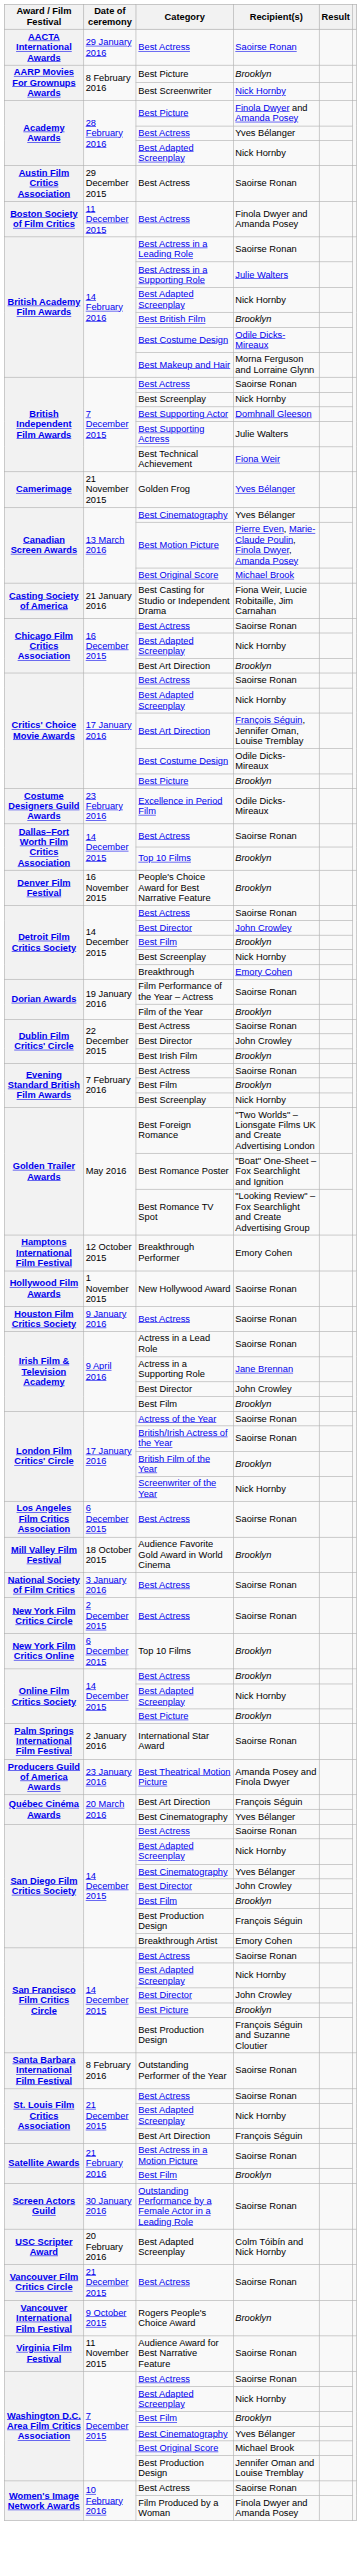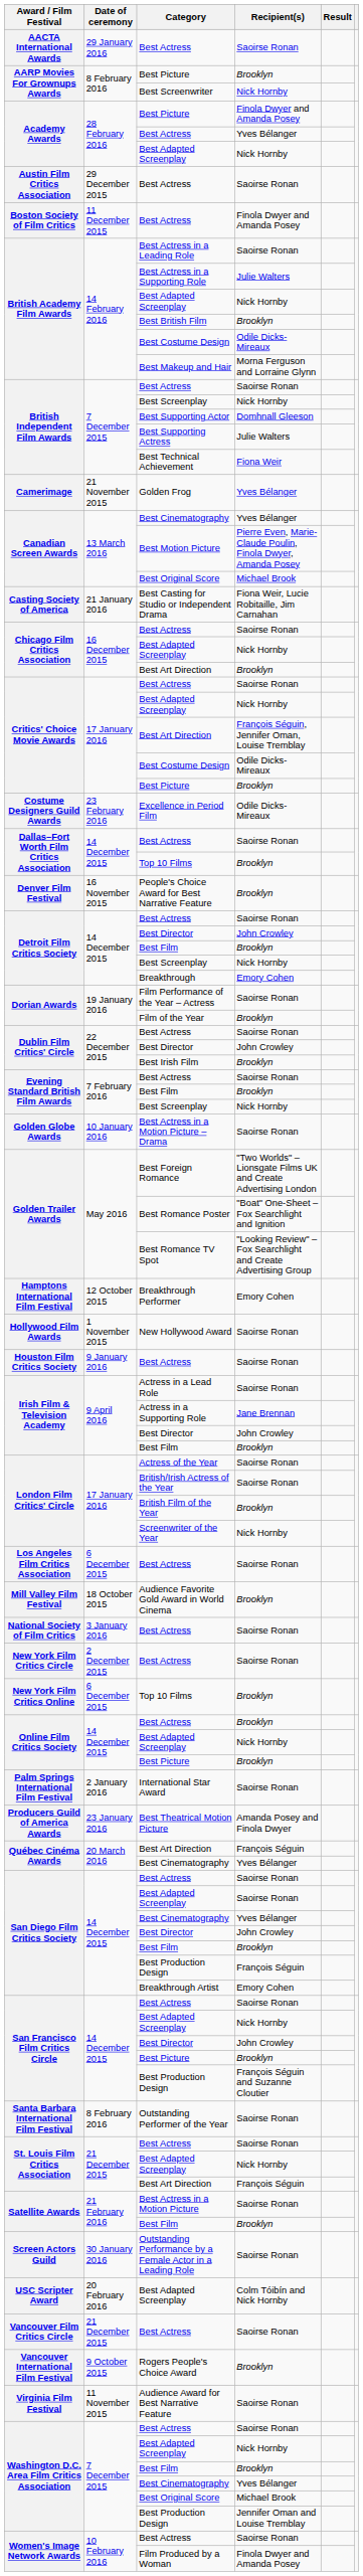 <table class="wikitable plainrowheaders sortable">
 <tr style="background:#ccc; text-align:center;">
 <th scope="col">Award / Film Festival</th>
 <th scope="col">Date of ceremony</th>
 <th scope="col">Category</th>
 <th scope="col">Recipient(s)</th>
 <th scope="col">Result</th>
 <th scope="col" class="unsortable"></th>
 </tr>
 <tr>
 <th scope="row"><a href='#'>AACTA International Awards</a></th>
 <td><a href='#'>29 January 2016</a></td>
 <td><a href='#'>Best Actress</a></td>
 <td><a href='#'>Saoirse Ronan</a></td>
 <td></td>
 <td style="text-align:center;2"></td>
 </tr>
 <tr>
 <th scope="row" rowspan="2"><a href='#'>AARP Movies For Grownups Awards</a></th>
 <td rowspan="2">8 February 2016</td>
 <td>Best Picture</td>
 <td><em>Brooklyn</em></td>
 <td></td>
 <td style="text-align:center;" rowspan="2"></td>
 </tr>
 <tr>
 <td>Best Screenwriter</td>
 <td><a href='#'>Nick Hornby</a></td>
 <td></td>
 </tr>
 <tr>
 <th scope="row" rowspan="3"><a href='#'>Academy Awards</a></th>
 <td rowspan="3"><a href='#'>28 February 2016</a></td>
 <td><a href='#'>Best Picture</a></td>
 <td><a href='#'>Finola Dwyer</a> and <a href='#'>Amanda Posey</a></td>
 <td></td>
 <td style="text-align:center;" rowspan="3"></td>
 </tr>
 <tr>
 <td><a href='#'>Best Actress</a></td>
 <td>Yves Bélanger</td>
 <td></td>
 </tr>
 <tr>
 <td><a href='#'>Best Adapted Screenplay</a></td>
 <td>Nick Hornby</td>
 <td></td>
 </tr>
 <tr>
 <th scope="row"><a href='#'>Austin Film Critics Association</a></th>
 <td>29 December 2015</td>
 <td>Best Actress</td>
 <td>Saoirse Ronan</td>
 <td></td>
 <td style="text-align:center;"></td>
 </tr>
 <tr>
 <th scope="row"><a href='#'>Boston Society of Film Critics</a></th>
 <td><a href='#'>11 December 2015</a></td>
 <td><a href='#'>Best Actress</a></td>
 <td>Finola Dwyer and Amanda Posey</td>
 <td></td>
 <td style="text-align:center;"></td>
 </tr>
 <tr>
 <th scope="row" rowspan="6"><a href='#'>British Academy Film Awards</a></th>
 <td rowspan="6"><a href='#'>14 February 2016</a></td>
 <td><a href='#'>Best Actress in a Leading Role</a></td>
 <td>Saoirse Ronan</td>
 <td></td>
 <td style="text-align:center;" rowspan="6"></td>
 </tr>
 <tr>
 <td><a href='#'>Best Actress in a Supporting Role</a></td>
 <td><a href='#'>Julie Walters</a></td>
 <td></td>
 </tr>
 <tr>
 <td><a href='#'>Best Adapted Screenplay</a></td>
 <td>Nick Hornby</td>
 <td></td>
 </tr>
 <tr>
 <td><a href='#'>Best British Film</a></td>
 <td><em>Brooklyn</em></td>
 <td></td>
 </tr>
 <tr>
 <td><a href='#'>Best Costume Design</a></td>
 <td><a href='#'>Odile Dicks-Mireaux</a></td>
 <td></td>
 </tr>
 <tr>
 <td><a href='#'>Best Makeup and Hair</a></td>
 <td>Morna Ferguson and Lorraine Glynn</td>
 <td></td>
 </tr>
 <tr>
 <th scope="row" rowspan="5"><a href='#'>British Independent Film Awards</a></th>
 <td rowspan="5"><a href='#'>7 December 2015</a></td>
 <td><a href='#'>Best Actress</a></td>
 <td>Saoirse Ronan</td>
 <td></td>
 <td style="text-align:center;" rowspan="5"><br></td>
 </tr>
 <tr>
 <td>Best Screenplay</td>
 <td>Nick Hornby</td>
 <td></td>
 </tr>
 <tr>
 <td><a href='#'>Best Supporting Actor</a></td>
 <td><a href='#'>Domhnall Gleeson</a></td>
 <td></td>
 </tr>
 <tr>
 <td><a href='#'>Best Supporting Actress</a></td>
 <td>Julie Walters</td>
 <td></td>
 </tr>
 <tr>
 <td>Best Technical Achievement</td>
 <td><a href='#'>Fiona Weir</a></td>
 <td></td>
 </tr>
 <tr>
 <th scope="row"><a href='#'>Camerimage</a></th>
 <td>21 November 2015</td>
 <td>Golden Frog</td>
 <td><a href='#'>Yves Bélanger</a></td>
 <td></td>
 <td style="text-align:center;"></td>
 </tr>
 <tr>
 <th scope="row" rowspan="3"><a href='#'>Canadian Screen Awards</a></th>
 <td rowspan="3"><a href='#'>13 March 2016</a></td>
 <td><a href='#'>Best Cinematography</a></td>
 <td>Yves Bélanger</td>
 <td></td>
 <td style="text-align:center;" rowspan="3"></td>
 </tr>
 <tr>
 <td><a href='#'>Best Motion Picture</a></td>
 <td><a href='#'>Pierre Even</a>, <a href='#'>Marie-Claude Poulin</a>, <a href='#'>Finola Dwyer</a>, <a href='#'>Amanda Posey</a></td>
 <td></td>
 </tr>
 <tr>
 <td><a href='#'>Best Original Score</a></td>
 <td><a href='#'>Michael Brook</a></td>
 <td></td>
 </tr>
 <tr>
 <th scope="row"><a href='#'>Casting Society of America</a></th>
 <td>21 January 2016</td>
 <td>Best Casting for Studio or Independent Drama</td>
 <td>Fiona Weir, Lucie Robitaille, Jim Carnahan</td>
 <td></td>
 <td style="text-align:center;"></td>
 </tr>
 <tr>
 <th scope="row" rowspan="3"><a href='#'>Chicago Film Critics Association</a></th>
 <td rowspan="3"><a href='#'>16 December 2015</a></td>
 <td><a href='#'>Best Actress</a></td>
 <td>Saoirse Ronan</td>
 <td></td>
 <td style="text-align:center;" rowspan="3"></td>
 </tr>
 <tr>
 <td><a href='#'>Best Adapted Screenplay</a></td>
 <td>Nick Hornby</td>
 <td></td>
 </tr>
 <tr>
 <td>Best Art Direction</td>
 <td><em>Brooklyn</em></td>
 <td></td>
 </tr>
 <tr>
 <th scope="row" rowspan="5"><a href='#'>Critics' Choice Movie Awards</a></th>
 <td rowspan="5"><a href='#'>17 January 2016</a></td>
 <td><a href='#'>Best Actress</a></td>
 <td>Saoirse Ronan</td>
 <td></td>
 <td style="text-align:center;" rowspan="5"></td>
 </tr>
 <tr>
 <td><a href='#'>Best Adapted Screenplay</a></td>
 <td>Nick Hornby</td>
 <td></td>
 </tr>
 <tr>
 <td><a href='#'>Best Art Direction</a></td>
 <td><a href='#'>François Séguin</a>, Jennifer Oman, Louise Tremblay</td>
 <td></td>
 </tr>
 <tr>
 <td><a href='#'>Best Costume Design</a></td>
 <td>Odile Dicks-Mireaux</td>
 <td></td>
 </tr>
 <tr>
 <td><a href='#'>Best Picture</a></td>
 <td><em>Brooklyn</em></td>
 <td></td>
 </tr>
 <tr>
 <th scope="row"><a href='#'>Costume Designers Guild Awards</a></th>
 <td><a href='#'>23 February 2016</a></td>
 <td><a href='#'>Excellence in Period Film</a></td>
 <td>Odile Dicks-Mireaux</td>
 <td></td>
 <td style="text-align:center;"></td>
 </tr>
 <tr>
 <th scope="row" rowspan="2"><a href='#'>Dallas–Fort Worth Film Critics Association</a></th>
 <td rowspan="2"><a href='#'>14 December 2015</a></td>
 <td><a href='#'>Best Actress</a></td>
 <td>Saoirse Ronan</td>
 <td></td>
 <td style="text-align:center;" rowspan="2"></td>
 </tr>
 <tr>
 <td><a href='#'>Top 10 Films</a></td>
 <td><em>Brooklyn</em></td>
 <td></td>
 </tr>
 <tr>
 <th scope="row"><a href='#'>Denver Film Festival</a></th>
 <td>16 November 2015</td>
 <td>People's Choice Award for Best Narrative Feature</td>
 <td><em>Brooklyn</em></td>
 <td></td>
 <td style="text-align:center;"></td>
 </tr>
 <tr>
 <th scope="row" rowspan="5"><a href='#'>Detroit Film Critics Society</a></th>
 <td rowspan="5">14 December 2015</td>
 <td><a href='#'>Best Actress</a></td>
 <td>Saoirse Ronan</td>
 <td></td>
 <td style="text-align:center;" rowspan="5"></td>
 </tr>
 <tr>
 <td><a href='#'>Best Director</a></td>
 <td><a href='#'>John Crowley</a></td>
 <td></td>
 </tr>
 <tr>
 <td><a href='#'>Best Film</a></td>
 <td><em>Brooklyn</em></td>
 <td></td>
 </tr>
 <tr>
 <td>Best Screenplay</td>
 <td>Nick Hornby</td>
 <td></td>
 </tr>
 <tr>
 <td>Breakthrough</td>
 <td><a href='#'>Emory Cohen</a></td>
 <td></td>
 </tr>
 <tr>
 <th scope="row" rowspan="2"><a href='#'>Dorian Awards</a></th>
 <td rowspan="2">19 January 2016</td>
 <td>Film Performance of the Year – Actress</td>
 <td>Saoirse Ronan</td>
 <td></td>
 <td style="text-align:center;" rowspan="2"></td>
 </tr>
 <tr>
 <td>Film of the Year</td>
 <td><em>Brooklyn</em></td>
 <td></td>
 </tr>
 <tr>
 <th scope="row" rowspan="3"><a href='#'>Dublin Film Critics' Circle</a></th>
 <td rowspan="3">22 December 2015</td>
 <td>Best Actress</td>
 <td>Saoirse Ronan</td>
 <td></td>
 <td style="text-align:center;" rowspan="3"></td>
 </tr>
 <tr>
 <td>Best Director</td>
 <td>John Crowley</td>
 <td></td>
 </tr>
 <tr>
 <td>Best Irish Film</td>
 <td><em>Brooklyn</em></td>
 <td></td>
 </tr>
 <tr>
 <th scope="row" rowspan="3"><a href='#'>Evening Standard British Film Awards</a></th>
 <td rowspan="3">7 February 2016</td>
 <td>Best Actress</td>
 <td>Saoirse Ronan</td>
 <td></td>
 <td style="text-align:center;" rowspan="3"></td>
 </tr>
 <tr>
 <td>Best Film</td>
 <td><em>Brooklyn</em></td>
 <td></td>
 </tr>
 <tr>
 <td>Best Screenplay</td>
 <td>Nick Hornby</td>
 <td></td>
 </tr>
 <tr>
+<th scope="row"><a href='#'>Golden Globe Awards</a></th>
+<td><a href='#'>10 January 2016</a></td>
+<td><a href='#'>Best Actress in a Motion Picture – Drama</a></td>
+<td>Saoirse Ronan</td>
+<td></td>
+<td style="text-align:center;"></td>
+</tr>
+<tr>
 <th scope="row" rowspan="3"><a href='#'>Golden Trailer Awards</a></th>
 <td rowspan="3">May 2016</td>
 <td>Best Foreign Romance</td>
 <td>"Two Worlds" – Lionsgate Films UK and Create Advertising London</td>
 <td></td>
 <td style="text-align:center;" rowspan="3"></td>
 </tr>
 <tr>
 <td>Best Romance Poster</td>
 <td>"Boat" One-Sheet – Fox Searchlight and Ignition</td>
 <td></td>
 </tr>
 <tr>
 <td>Best Romance TV Spot</td>
 <td>"Looking Review" – Fox Searchlight and Create Advertising Group</td>
 <td></td>
 </tr>
 <tr>
 <th scope="row"><a href='#'>Hamptons International Film Festival</a></th>
 <td>12 October 2015</td>
 <td>Breakthrough Performer</td>
 <td>Emory Cohen</td>
 <td></td>
 <td style="text-align:center;"></td>
 </tr>
 <tr>
 <th scope="row"><a href='#'>Hollywood Film Awards</a></th>
 <td>1 November 2015</td>
 <td>New Hollywood Award</td>
 <td>Saoirse Ronan</td>
 <td></td>
 <td style="text-align:center;"></td>
 </tr>
 <tr>
 <th scope="row"><a href='#'>Houston Film Critics Society</a></th>
 <td><a href='#'>9 January 2016</a></td>
 <td><a href='#'>Best Actress</a></td>
 <td>Saoirse Ronan</td>
 <td></td>
 <td style="text-align:center;"></td>
 </tr>
 <tr>
 <th scope="row" rowspan=4><a href='#'>Irish Film & Television Academy</a></th>
 <td rowspan=4><a href='#'>9 April 2016</a></td>
 <td>Actress in a Lead Role</td>
 <td>Saoirse Ronan</td>
 <td></td>
 <td style="text-align:center;" rowspan="4"></td>
 </tr>
 <tr>
 <td>Actress in a Supporting Role</td>
 <td><a href='#'>Jane Brennan</a></td>
 <td></td>
 </tr>
 <tr>
 <td>Best Director</td>
 <td>John Crowley</td>
 <td></td>
 </tr>
 <tr>
 <td>Best Film</td>
 <td><em>Brooklyn</em></td>
 <td></td>
 </tr>
 <tr>
 <th scope="row" rowspan="4"><a href='#'>London Film Critics' Circle</a></th>
 <td rowspan="4"><a href='#'>17 January 2016</a></td>
 <td><a href='#'>Actress of the Year</a></td>
 <td>Saoirse Ronan</td>
 <td></td>
 <td style="text-align:center;" rowspan="4"></td>
 </tr>
 <tr>
 <td><a href='#'>British/Irish Actress of the Year</a></td>
 <td>Saoirse Ronan</td>
 <td></td>
 </tr>
 <tr>
 <td><a href='#'>British Film of the Year</a></td>
 <td><em>Brooklyn</em></td>
 <td></td>
 </tr>
 <tr>
 <td><a href='#'>Screenwriter of the Year</a></td>
 <td>Nick Hornby</td>
 <td></td>
 </tr>
 <tr>
 <th scope="row"><a href='#'>Los Angeles Film Critics Association</a></th>
 <td><a href='#'>6 December 2015</a></td>
 <td><a href='#'>Best Actress</a></td>
 <td>Saoirse Ronan</td>
 <td></td>
 <td style="text-align:center;"></td>
 </tr>
 <tr>
 <th scope="row"><a href='#'>Mill Valley Film Festival</a></th>
 <td>18 October 2015</td>
 <td>Audience Favorite Gold Award in World Cinema</td>
 <td><em>Brooklyn</em></td>
 <td></td>
 <td style="text-align:center;"></td>
 </tr>
 <tr>
 <th scope="row"><a href='#'>National Society of Film Critics</a></th>
 <td><a href='#'>3 January 2016</a></td>
 <td><a href='#'>Best Actress</a></td>
 <td>Saoirse Ronan</td>
 <td></td>
 <td style="text-align:center;"></td>
 </tr>
 <tr>
 <th scope="row"><a href='#'>New York Film Critics Circle</a></th>
 <td><a href='#'>2 December 2015</a></td>
 <td><a href='#'>Best Actress</a></td>
 <td>Saoirse Ronan</td>
 <td></td>
 <td style="text-align:center;"></td>
 </tr>
 <tr>
 <th scope="row"><a href='#'>New York Film Critics Online</a></th>
 <td><a href='#'>6 December 2015</a></td>
 <td>Top 10 Films</td>
 <td><em>Brooklyn</em></td>
 <td></td>
 <td style="text-align:center;"></td>
 </tr>
 <tr>
 <th scope="row" rowspan="3"><a href='#'>Online Film Critics Society</a></th>
 <td rowspan="3"><a href='#'>14 December 2015</a></td>
 <td><a href='#'>Best Actress</a></td>
 <td><em>Brooklyn</em></td>
 <td></td>
 <td style="text-align:center;" rowspan="3"></td>
 </tr>
 <tr>
 <td><a href='#'>Best Adapted Screenplay</a></td>
 <td>Nick Hornby</td>
 <td></td>
 </tr>
 <tr>
 <td><a href='#'>Best Picture</a></td>
 <td><em>Brooklyn</em></td>
 <td></td>
 </tr>
 <tr>
 <th scope="row"><a href='#'>Palm Springs International Film Festival</a></th>
 <td>2 January 2016</td>
 <td>International Star Award</td>
 <td>Saoirse Ronan</td>
 <td></td>
 <td style="text-align:center;"></td>
 </tr>
 <tr>
 <th scope="row"><a href='#'>Producers Guild of America Awards</a></th>
 <td><a href='#'>23 January 2016</a></td>
 <td><a href='#'>Best Theatrical Motion Picture</a></td>
 <td>Amanda Posey and Finola Dwyer</td>
 <td></td>
 <td style="text-align:center;"></td>
 </tr>
 <tr>
 <th scope="row" rowspan="2"><a href='#'>Québec Cinéma Awards</a></th>
 <td rowspan="2"><a href='#'>20 March 2016</a></td>
 <td>Best Art Direction</td>
 <td>François Séguin</td>
 <td></td>
 <td style="text-align:center;" rowspan="2"></td>
 </tr>
 <tr>
 <td>Best Cinematography</td>
 <td>Yves Bélanger</td>
 <td></td>
 </tr>
 <tr>
 <th scope="row" rowspan="7"><a href='#'>San Diego Film Critics Society</a></th>
 <td rowspan="7"><a href='#'>14 December 2015</a></td>
 <td><a href='#'>Best Actress</a></td>
 <td>Saoirse Ronan</td>
 <td></td>
 <td style="text-align:center;" rowspan="7"><br></td>
 </tr>
 <tr>
 <td><a href='#'>Best Adapted Screenplay</a></td>
-<td>Nick Hornby</td>
+<td>Saoirse Ronan</td>
 <td></td>
 </tr>
 <tr>
 <td><a href='#'>Best Cinematography</a></td>
 <td>Yves Bélanger</td>
 <td></td>
 </tr>
 <tr>
 <td><a href='#'>Best Director</a></td>
 <td>John Crowley</td>
 <td></td>
 </tr>
 <tr>
 <td><a href='#'>Best Film</a></td>
 <td><em>Brooklyn</em></td>
 <td></td>
 </tr>
 <tr>
 <td>Best Production Design</td>
 <td>François Séguin</td>
 <td></td>
 </tr>
 <tr>
 <td>Breakthrough Artist</td>
 <td>Emory Cohen</td>
 <td></td>
 </tr>
 <tr>
 <th scope="row" rowspan="5"><a href='#'>San Francisco Film Critics Circle</a></th>
 <td rowspan="5"><a href='#'>14 December 2015</a></td>
 <td><a href='#'>Best Actress</a></td>
 <td>Saoirse Ronan</td>
 <td></td>
 <td style="text-align:center;" rowspan="5"></td>
 </tr>
 <tr>
 <td><a href='#'>Best Adapted Screenplay</a></td>
 <td>Nick Hornby</td>
 <td></td>
 </tr>
 <tr>
 <td><a href='#'>Best Director</a></td>
 <td>John Crowley</td>
 <td></td>
 </tr>
 <tr>
 <td><a href='#'>Best Picture</a></td>
 <td><em>Brooklyn</em></td>
 <td></td>
 </tr>
 <tr>
 <td>Best Production Design</td>
 <td>François Séguin and Suzanne Cloutier</td>
 <td></td>
 </tr>
 <tr>
 <th scope="row"><a href='#'>Santa Barbara International Film Festival</a></th>
 <td>8 February 2016</td>
 <td>Outstanding Performer of the Year</td>
 <td>Saoirse Ronan</td>
 <td></td>
 <td style="text-align:center;"></td>
 </tr>
 <tr>
 <th scope="row" rowspan="3"><a href='#'>St. Louis Film Critics Association</a></th>
 <td rowspan="3"><a href='#'>21 December 2015</a></td>
 <td><a href='#'>Best Actress</a></td>
 <td>Saoirse Ronan</td>
 <td></td>
 <td style="text-align:center;" rowspan="3"></td>
 </tr>
 <tr>
 <td><a href='#'>Best Adapted Screenplay</a></td>
 <td>Nick Hornby</td>
 <td></td>
 </tr>
 <tr>
 <td>Best Art Direction</td>
 <td>François Séguin</td>
 <td></td>
 </tr>
 <tr>
 <th scope="row" rowspan="2"><a href='#'>Satellite Awards</a></th>
 <td rowspan="2"><a href='#'>21 February 2016</a></td>
 <td><a href='#'>Best Actress in a Motion Picture</a></td>
 <td>Saoirse Ronan</td>
 <td></td>
 <td style="text-align:center;" rowspan="2"></td>
 </tr>
 <tr>
 <td><a href='#'>Best Film</a></td>
 <td><em>Brooklyn</em></td>
 <td></td>
 </tr>
 <tr>
 <th scope="row"><a href='#'>Screen Actors Guild</a></th>
 <td><a href='#'>30 January 2016</a></td>
 <td><a href='#'>Outstanding Performance by a Female Actor in a Leading Role</a></td>
 <td>Saoirse Ronan</td>
 <td></td>
 <td style="text-align:center;"></td>
 </tr>
 <tr>
 <th scope="row"><a href='#'>USC Scripter Award</a></th>
 <td>20 February 2016</td>
 <td>Best Adapted Screenplay</td>
 <td>Colm Tóibín and Nick Hornby</td>
 <td></td>
 <td style="text-align:center;"></td>
 </tr>
 <tr>
 <th scope="row"><a href='#'>Vancouver Film Critics Circle</a></th>
 <td><a href='#'>21 December 2015</a></td>
 <td><a href='#'>Best Actress</a></td>
 <td>Saoirse Ronan</td>
 <td></td>
 <td style="text-align:center;"></td>
 </tr>
 <tr>
 <th scope="row"><a href='#'>Vancouver International Film Festival</a></th>
 <td><a href='#'>9 October 2015</a></td>
 <td>Rogers People's Choice Award</td>
 <td><em>Brooklyn</em></td>
 <td></td>
 <td style="text-align:center;"></td>
 </tr>
 <tr>
 <th scope="row"><a href='#'>Virginia Film Festival</a></th>
 <td>11 November 2015</td>
 <td>Audience Award for Best Narrative Feature</td>
 <td>Saoirse Ronan</td>
 <td></td>
 <td style="text-align:center;"></td>
 </tr>
 <tr>
 <th scope="row" rowspan="6"><a href='#'>Washington D.C. Area Film Critics Association</a></th>
 <td rowspan="6"><a href='#'>7 December 2015</a></td>
 <td><a href='#'>Best Actress</a></td>
 <td>Saoirse Ronan</td>
 <td></td>
 <td style="text-align:center;" rowspan="6"></td>
 </tr>
 <tr>
 <td><a href='#'>Best Adapted Screenplay</a></td>
 <td>Nick Hornby</td>
 <td></td>
 </tr>
 <tr>
 <td><a href='#'>Best Film</a></td>
 <td><em>Brooklyn</em></td>
 <td></td>
 </tr>
 <tr>
 <td><a href='#'>Best Cinematography</a></td>
 <td>Yves Bélanger</td>
 <td></td>
 </tr>
 <tr>
 <td><a href='#'>Best Original Score</a></td>
 <td>Michael Brook</td>
 <td></td>
 </tr>
 <tr>
 <td>Best Production Design</td>
 <td>Jennifer Oman and Louise Tremblay</td>
 <td></td>
 </tr>
 <tr>
 <th scope="row" rowspan="2"><a href='#'>Women's Image Network Awards</a></th>
 <td rowspan="2"><a href='#'>10 February 2016</a></td>
 <td>Best Actress</td>
 <td>Saoirse Ronan</td>
 <td></td>
 <td style="text-align:center;" rowspan="2"></td>
 </tr>
 <tr>
 <td>Film Produced by a Woman</td>
 <td>Finola Dwyer and Amanda Posey</td>
 <td></td>
 </tr>
 </table>
